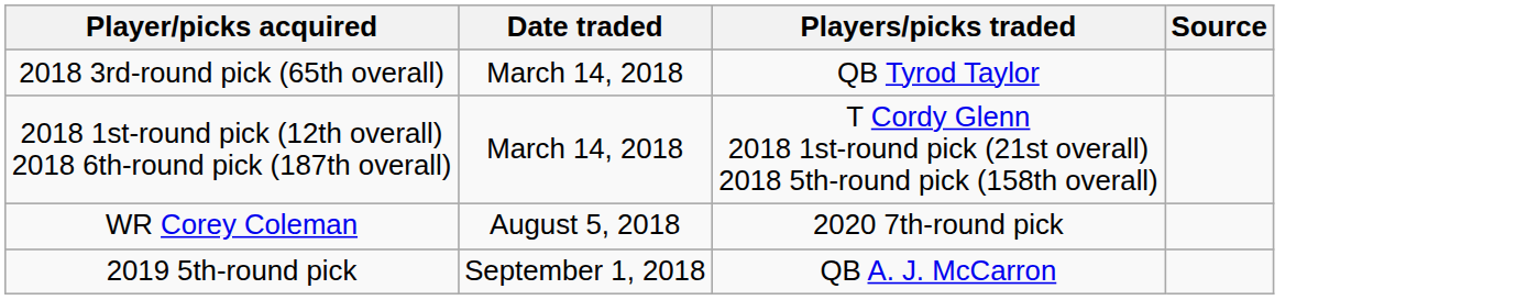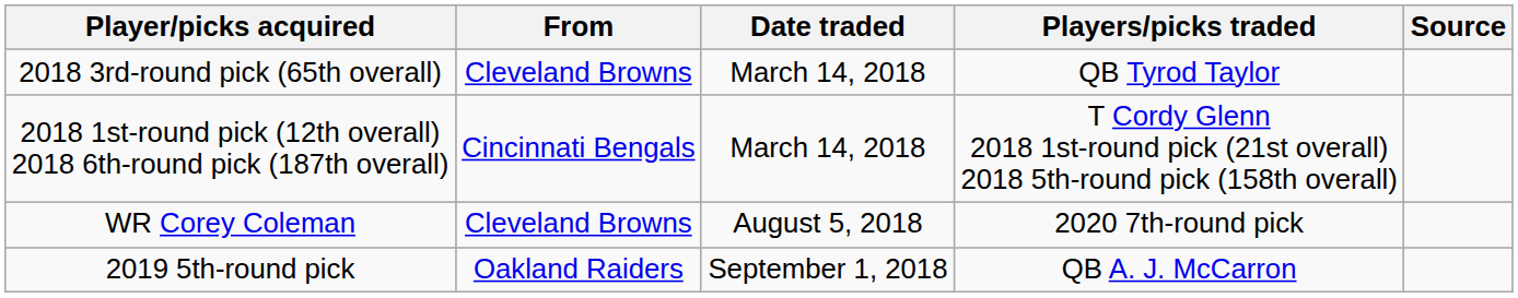 <table class="wikitable sortable" style="text-align:center">
 <tr>
 <th>Player/picks acquired</th>
+<th>From</th>
 <th>Date traded</th>
 <th>Players/picks traded</th>
 <th>Source</th>
 </tr>
 <tr>
 <td>2018 3rd-round pick (65th overall)</td>
+<td><a href='#'>Cleveland Browns</a></td>
 <td>March 14, 2018</td>
 <td>QB <a href='#'>Tyrod Taylor</a></td>
 <td></td>
 </tr>
 <tr>
 <td>2018 1st-round pick (12th overall) <br> 2018 6th-round pick (187th overall)</td>
+<td><a href='#'>Cincinnati Bengals</a></td>
 <td>March 14, 2018</td>
 <td>T <a href='#'>Cordy Glenn</a><br>2018 1st-round pick (21st overall)<br>2018 5th-round pick (158th overall)</td>
 <td></td>
 </tr>
 <tr>
 <td>WR <a href='#'>Corey Coleman</a></td>
+<td><a href='#'>Cleveland Browns</a></td>
 <td>August 5, 2018</td>
 <td>2020 7th-round pick</td>
 <td></td>
 </tr>
 <tr>
 <td>2019 5th-round pick</td>
+<td><a href='#'>Oakland Raiders</a></td>
 <td>September 1, 2018</td>
 <td>QB <a href='#'>A. J. McCarron</a></td>
 <td></td>
 </tr>
 </table>
